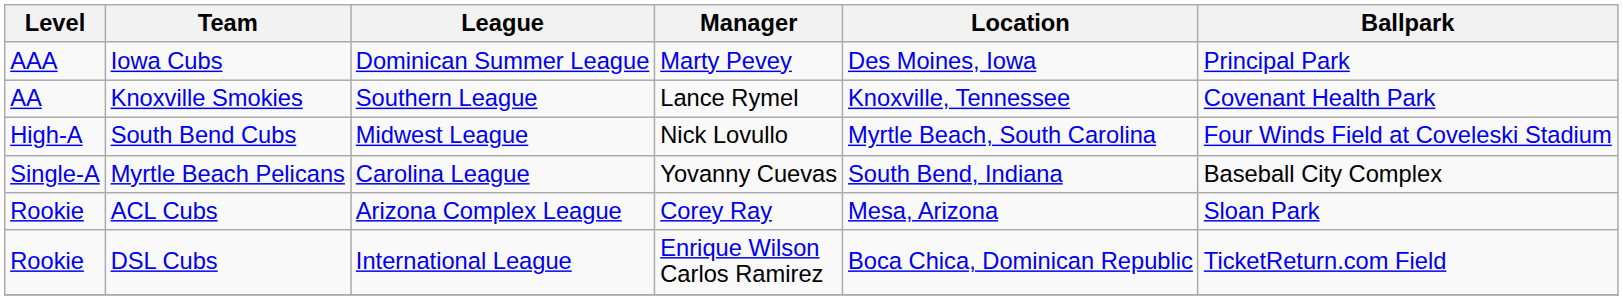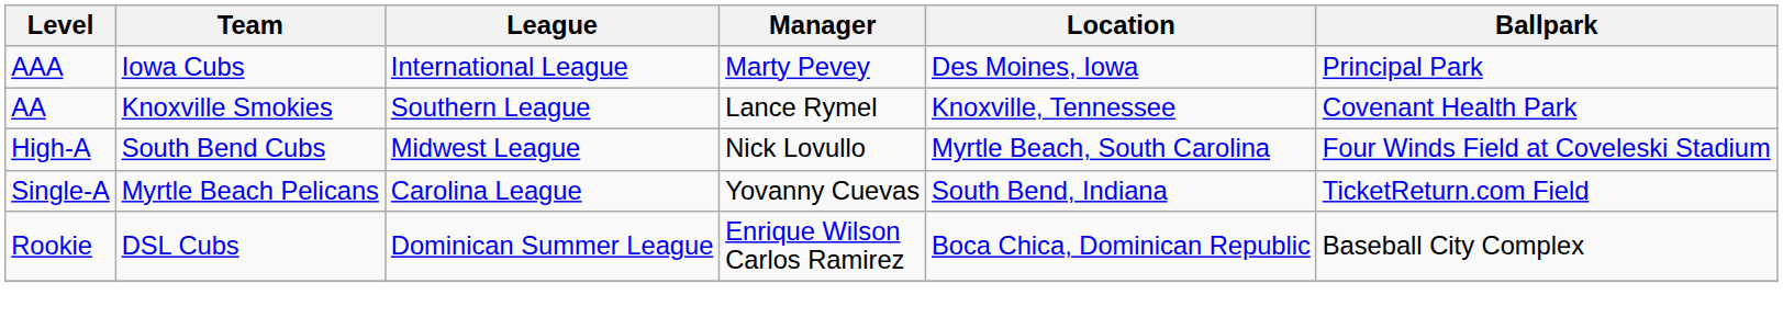 <table class="wikitable">
 <tr>
 <th style="text-align:center; ">Level</th>
 <th style="text-align:center; ">Team</th>
 <th style="text-align:center; ">League</th>
 <th style="text-align:center; ">Manager</th>
 <th style="text-align:center; ">Location</th>
 <th style="text-align:center; ">Ballpark</th>
 </tr>
 <tr>
 <td><a href='#'>AAA</a></td>
 <td><a href='#'>Iowa Cubs</a></td>
-<td><a href='#'>Dominican Summer League</a></td>
+<td><a href='#'>International League</a></td>
 <td><a href='#'>Marty Pevey</a></td>
 <td><a href='#'>Des Moines, Iowa</a></td>
 <td><a href='#'>Principal Park</a></td>
 </tr>
 <tr>
 <td><a href='#'>AA</a></td>
 <td><a href='#'>Knoxville Smokies</a></td>
 <td><a href='#'>Southern League</a></td>
 <td>Lance Rymel</td>
 <td><a href='#'>Knoxville, Tennessee</a></td>
 <td><a href='#'>Covenant Health Park</a></td>
 </tr>
 <tr>
 <td><a href='#'>High-A</a></td>
 <td><a href='#'>South Bend Cubs</a></td>
 <td><a href='#'>Midwest League</a></td>
 <td>Nick Lovullo</td>
 <td><a href='#'>Myrtle Beach, South Carolina</a></td>
 <td><a href='#'>Four Winds Field at Coveleski Stadium</a></td>
 </tr>
 <tr>
 <td><a href='#'>Single-A</a></td>
 <td><a href='#'>Myrtle Beach Pelicans</a></td>
 <td><a href='#'>Carolina League</a></td>
 <td>Yovanny Cuevas</td>
 <td><a href='#'>South Bend, Indiana</a></td>
-<td>Baseball City Complex</td>
-</tr>
-<tr>
-<td><a href='#'>Rookie</a></td>
-<td><a href='#'>ACL Cubs</a></td>
-<td><a href='#'>Arizona Complex League</a></td>
-<td><a href='#'>Corey Ray</a></td>
-<td><a href='#'>Mesa, Arizona</a></td>
-<td><a href='#'>Sloan Park</a></td>
+<td><a href='#'>TicketReturn.com Field</a></td>
 </tr>
 <tr>
 <td><a href='#'>Rookie</a></td>
 <td><a href='#'>DSL Cubs</a></td>
-<td><a href='#'>International League</a></td>
+<td><a href='#'>Dominican Summer League</a></td>
 <td><a href='#'>Enrique Wilson</a> <br> Carlos Ramirez</td>
 <td><a href='#'>Boca Chica, Dominican Republic</a></td>
-<td><a href='#'>TicketReturn.com Field</a></td>
+<td>Baseball City Complex</td>
 </tr>
 <tr>
 </tr>
 </table>
